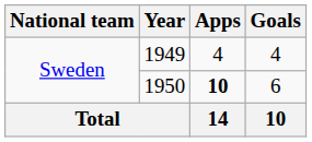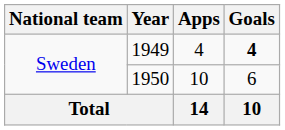 <table class="wikitable" style="text-align:center">
 <tr>
 <th>National team</th>
 <th>Year</th>
 <th>Apps</th>
 <th>Goals</th>
 </tr>
 <tr>
 <td rowspan="2"><a href='#'>Sweden</a></td>
 <td>1949</td>
 <td>4</td>
-<td>4</td>
+<td><strong>4</strong></td>
 </tr>
 <tr>
 <td>1950</td>
-<td><strong>10</strong></td>
+<td>10</td>
 <td>6</td>
 </tr>
 <tr>
 <th colspan="2">Total</th>
 <th>14</th>
 <th>10</th>
 </tr>
 </table>
